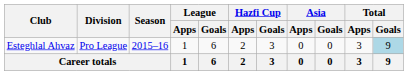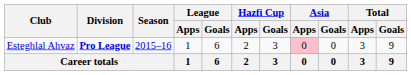 <table class="wikitable" style="text-align: center;">
 <tr>
 <th rowspan="2">Club</th>
 <th rowspan="2">Division</th>
 <th rowspan="2">Season</th>
 <th colspan="2">League</th>
 <th colspan="2"><a href='#'>Hazfi Cup</a></th>
 <th colspan="2"><a href='#'>Asia</a></th>
 <th colspan="2">Total</th>
 </tr>
 <tr>
 <th>Apps</th>
 <th>Goals</th>
 <th>Apps</th>
 <th>Goals</th>
 <th>Apps</th>
 <th>Goals</th>
 <th>Apps</th>
 <th>Goals</th>
 </tr>
 <tr>
 <td><a href='#'>Esteghlal Ahvaz</a></td>
-<td><a href='#'>Pro League</a></td>
+<td><strong><a href='#'>Pro League</a></strong></td>
 <td><a href='#'>2015–16</a></td>
 <td>1</td>
 <td>6</td>
 <td>2</td>
 <td>3</td>
-<td>0</td>
+<td style="background: pink;">0</td>
 <td>0</td>
 <td>3</td>
-<td style="background: lightblue;">9</td>
+<td>9</td>
 </tr>
 <tr>
 <th colspan="3">Career totals</th>
 <th>1</th>
 <th>6</th>
 <th>2</th>
 <th>3</th>
 <th>0</th>
 <th>0</th>
 <th>3</th>
 <th>9</th>
 </tr>
 </table>
